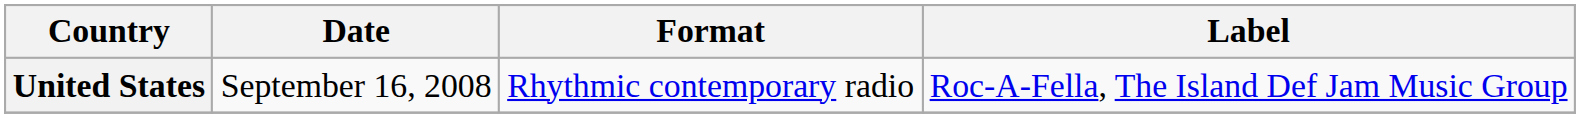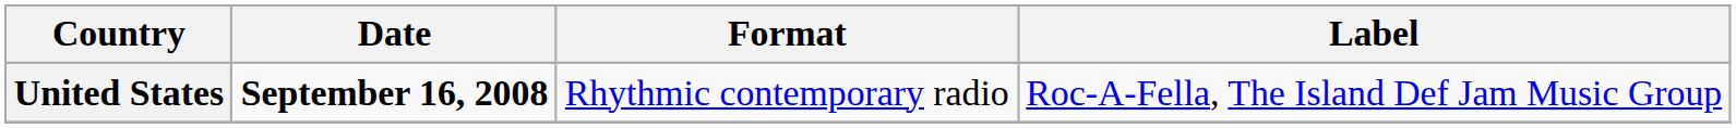 <table class="wikitable plainrowheaders" border="1">
 <tr>
 <th scope="col">Country</th>
 <th scope="col">Date</th>
 <th scope="col">Format</th>
 <th scope="col">Label</th>
 </tr>
 <tr>
 <th scope="row">United States</th>
-<td>September 16, 2008</td>
+<td><strong>September 16, 2008</strong></td>
 <td><a href='#'>Rhythmic contemporary</a> radio</td>
 <td><a href='#'>Roc-A-Fella</a>, <a href='#'>The Island Def Jam Music Group</a></td>
 </tr>
 <tr>
 </tr>
 </table>
